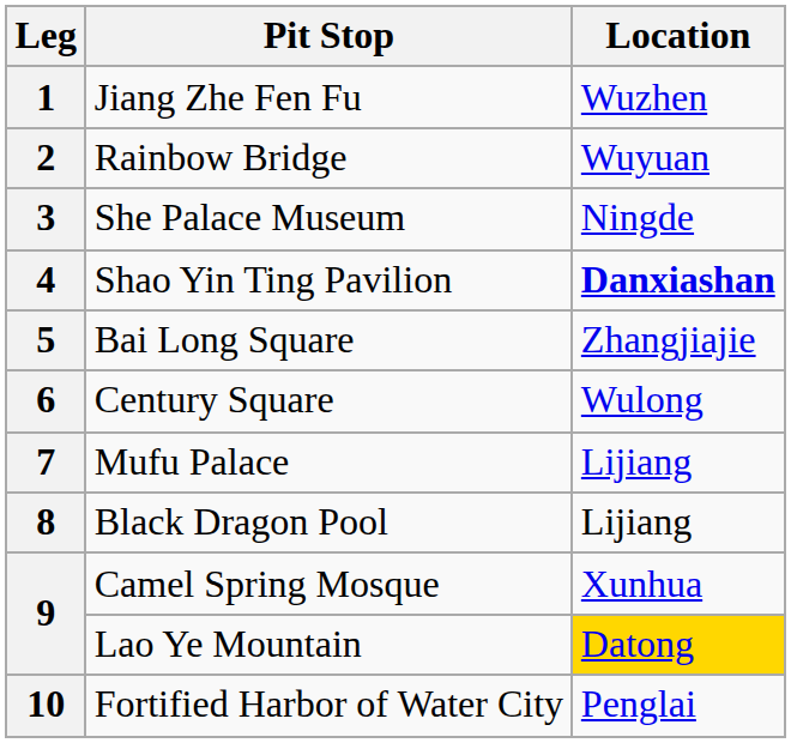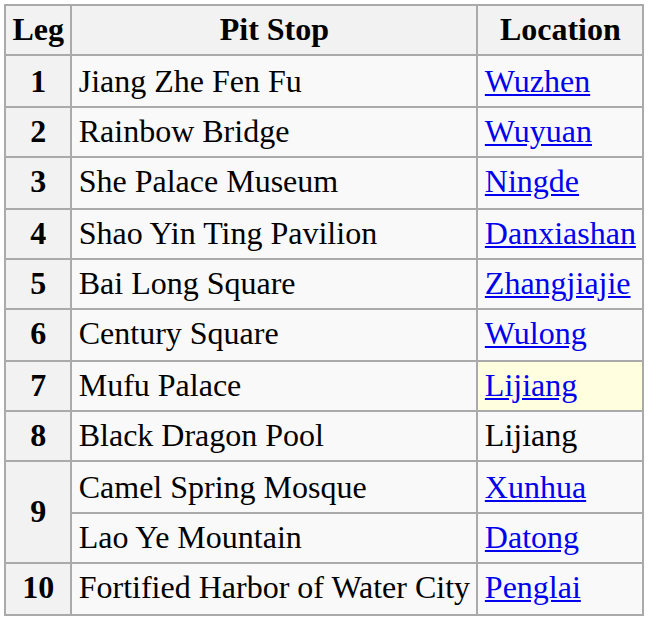 <table class="wikitable">
 <tr>
 <th>Leg</th>
 <th>Pit Stop</th>
 <th>Location</th>
 </tr>
 <tr>
 <th>1</th>
 <td>Jiang Zhe Fen Fu</td>
 <td><a href='#'>Wuzhen</a></td>
 </tr>
 <tr>
 <th>2</th>
 <td>Rainbow Bridge</td>
 <td><a href='#'>Wuyuan</a></td>
 </tr>
 <tr>
 <th>3</th>
 <td>She Palace Museum</td>
 <td><a href='#'>Ningde</a></td>
 </tr>
 <tr>
 <th>4</th>
 <td>Shao Yin Ting Pavilion</td>
-<td><strong><a href='#'>Danxiashan</a></strong></td>
+<td><a href='#'>Danxiashan</a></td>
 </tr>
 <tr>
 <th>5</th>
 <td>Bai Long Square</td>
 <td><a href='#'>Zhangjiajie</a></td>
 </tr>
 <tr>
 <th>6</th>
 <td>Century Square</td>
 <td><a href='#'>Wulong</a></td>
 </tr>
 <tr>
 <th>7</th>
 <td>Mufu Palace</td>
-<td><a href='#'>Lijiang</a></td>
+<td style="background: lightyellow;"><a href='#'>Lijiang</a></td>
 </tr>
 <tr>
 <th>8</th>
 <td>Black Dragon Pool</td>
 <td>Lijiang</td>
 </tr>
 <tr>
 <th rowspan="2">9</th>
 <td>Camel Spring Mosque</td>
 <td><a href='#'>Xunhua</a></td>
 </tr>
 <tr>
 <td>Lao Ye Mountain</td>
-<td style="background: gold;"><a href='#'>Datong</a></td>
+<td><a href='#'>Datong</a></td>
 </tr>
 <tr>
 <th>10</th>
 <td>Fortified Harbor of Water City</td>
 <td><a href='#'>Penglai</a></td>
 </tr>
 </table>
